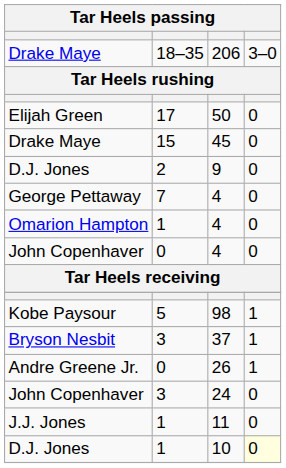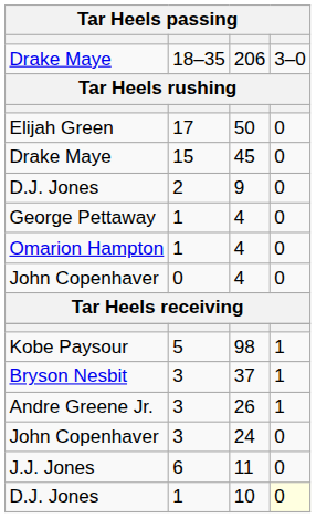 <table class="wikitable plainrowheaders">
 <tr>
 <th colspan="6">Tar Heels passing</th>
 </tr>
 <tr>
 <th scope="col"></th>
 <th scope="col"></th>
 <th scope="col"></th>
 <th scope="col"></th>
 </tr>
 <tr>
 <td><a href='#'>Drake Maye</a></td>
 <td>18–35</td>
 <td>206</td>
 <td>3–0</td>
 </tr>
 <tr>
 <th colspan="6">Tar Heels rushing</th>
 </tr>
 <tr>
 <th scope="col"></th>
 <th scope="col"></th>
 <th scope="col"></th>
 <th scope="col"></th>
 </tr>
 <tr>
 <td>Elijah Green</td>
 <td>17</td>
 <td>50</td>
 <td>0</td>
 </tr>
 <tr>
 <td>Drake Maye</td>
 <td>15</td>
 <td>45</td>
 <td>0</td>
 </tr>
 <tr>
 <td>D.J. Jones</td>
 <td>2</td>
 <td>9</td>
 <td>0</td>
 </tr>
 <tr>
 <td>George Pettaway</td>
-<td>7</td>
+<td>1</td>
 <td>4</td>
 <td>0</td>
 </tr>
 <tr>
 <td><a href='#'>Omarion Hampton</a></td>
 <td>1</td>
 <td>4</td>
 <td>0</td>
 </tr>
 <tr>
 <td>John Copenhaver</td>
 <td>0</td>
 <td>4</td>
 <td>0</td>
 </tr>
 <tr>
 <th colspan="6">Tar Heels receiving</th>
 </tr>
 <tr>
 </tr>
 <tr>
 <th scope="col"></th>
 <th scope="col"></th>
 <th scope="col"></th>
 <th scope="col"></th>
 </tr>
 <tr>
 <td>Kobe Paysour</td>
 <td>5</td>
 <td>98</td>
 <td>1</td>
 </tr>
 <tr>
 <td><a href='#'>Bryson Nesbit</a></td>
 <td>3</td>
 <td>37</td>
 <td>1</td>
 </tr>
 <tr>
 <td>Andre Greene Jr.</td>
-<td>0</td>
+<td>3</td>
 <td>26</td>
 <td>1</td>
 </tr>
 <tr>
 <td>John Copenhaver</td>
 <td>3</td>
 <td>24</td>
 <td>0</td>
 </tr>
 <tr>
 <td>J.J. Jones</td>
-<td>1</td>
+<td>6</td>
 <td>11</td>
 <td>0</td>
 </tr>
 <tr>
 <td>D.J. Jones</td>
 <td>1</td>
 <td>10</td>
 <td style="background: lightyellow;">0</td>
 </tr>
 <tr>
 </tr>
 </table>
